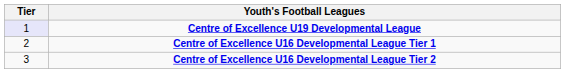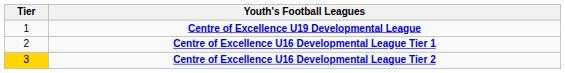 <table class="wikitable" width="100%" style="text-align: center;">
 <tr style="background:#efefef;">
 <th>Tier</th>
 <th colspan=2>Youth's Football Leagues</th>
 </tr>
 <tr>
-<td style="background: lavender;">1</td>
+<td>1</td>
 <td colspan=2><strong><a href='#'>Centre of Excellence U19 Developmental League</a></strong></td>
 </tr>
 <tr>
 <td>2</td>
 <td colspan=2><strong><a href='#'>Centre of Excellence U16 Developmental League Tier 1</a></strong></td>
 </tr>
 <tr>
-<td>3</td>
+<td style="background: gold;">3</td>
 <td colspan=2><strong><a href='#'>Centre of Excellence U16 Developmental League Tier 2</a></strong></td>
 </tr>
 </table>
